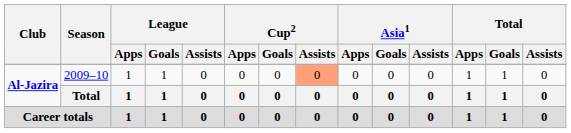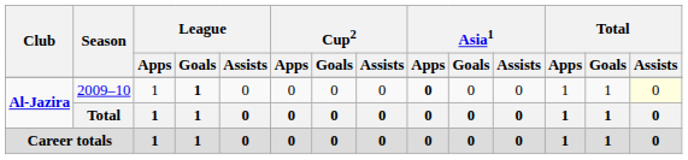 <table class="wikitable" style="font-size:90%; text-align: center;">
 <tr>
 <th rowspan="2">Club</th>
 <th rowspan="2">Season</th>
 <th colspan="3">League</th>
 <th colspan="3"><br>Cup<sup>2</sup></th>
 <th colspan="3"><br><a href='#'>Asia</a><sup>1</sup></th>
 <th colspan="3">Total</th>
 </tr>
 <tr>
 <th>Apps</th>
 <th>Goals</th>
 <th>Assists</th>
 <th>Apps</th>
 <th>Goals</th>
 <th>Assists</th>
 <th>Apps</th>
 <th>Goals</th>
 <th>Assists</th>
 <th>Apps</th>
 <th>Goals</th>
 <th>Assists</th>
 </tr>
 <tr>
 </tr>
 <tr align=center>
 <td rowspan="2" align=center valign=center><strong><a href='#'>Al-Jazira</a></strong></td>
 <td><a href='#'>2009–10</a></td>
 <td>1</td>
-<td>1</td>
+<td><strong>1</strong></td>
 <td>0</td>
 <td>0</td>
 <td>0</td>
-<td style="background: lightsalmon;">0</td>
 <td>0</td>
+<td><strong>0</strong></td>
 <td>0</td>
 <td>0</td>
 <td>1</td>
 <td>1</td>
-<td>0</td>
+<td style="background: lightyellow;">0</td>
 </tr>
 <tr align=center>
 <th>Total</th>
 <th>1</th>
 <th>1</th>
 <th>0</th>
 <th>0</th>
 <th>0</th>
 <th>0</th>
 <th>0</th>
 <th>0</th>
 <th>0</th>
 <th>1</th>
 <th>1</th>
 <th>0</th>
 </tr>
 <tr>
 <th style="background: #DCDCDC" colspan="2">Career totals</th>
 <th style="background: #DCDCDC">1</th>
 <th style="background: #DCDCDC">1</th>
 <th style="background: #DCDCDC">0</th>
 <th style="background: #DCDCDC">0</th>
 <th style="background: #DCDCDC">0</th>
 <th style="background: #DCDCDC">0</th>
 <th style="background: #DCDCDC">0</th>
 <th style="background: #DCDCDC">0</th>
 <th style="background: #DCDCDC">0</th>
 <th style="background: #DCDCDC">1</th>
 <th style="background: #DCDCDC">1</th>
 <th style="background: #DCDCDC">0</th>
 </tr>
 </table>
